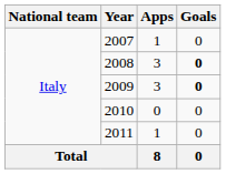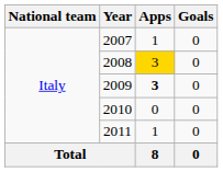 <table class="wikitable" style="text-align:center">
 <tr>
 <th>National team</th>
 <th>Year</th>
 <th>Apps</th>
 <th>Goals</th>
 </tr>
 <tr>
 <td rowspan="5"><a href='#'>Italy</a></td>
 <td>2007</td>
 <td>1</td>
 <td>0</td>
 </tr>
 <tr>
 <td>2008</td>
-<td>3</td>
-<td><strong>0</strong></td>
+<td style="background: gold;">3</td>
+<td>0</td>
 </tr>
 <tr>
 <td>2009</td>
-<td>3</td>
-<td><strong>0</strong></td>
+<td><strong>3</strong></td>
+<td>0</td>
 </tr>
 <tr>
 <td>2010</td>
 <td>0</td>
 <td>0</td>
 </tr>
 <tr>
 <td>2011</td>
 <td>1</td>
 <td>0</td>
 </tr>
 <tr>
 <th colspan="2">Total</th>
 <th>8</th>
 <th>0</th>
 </tr>
 </table>
